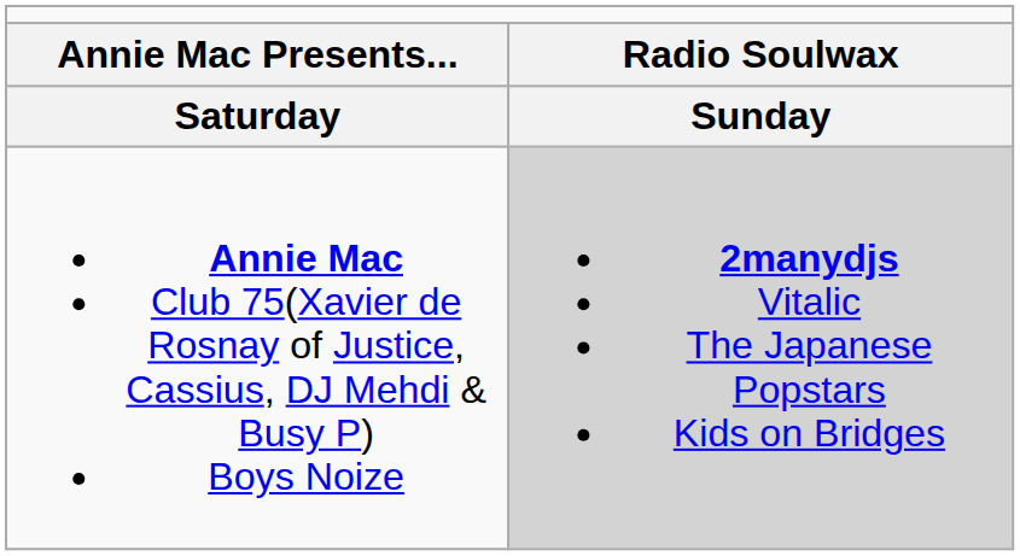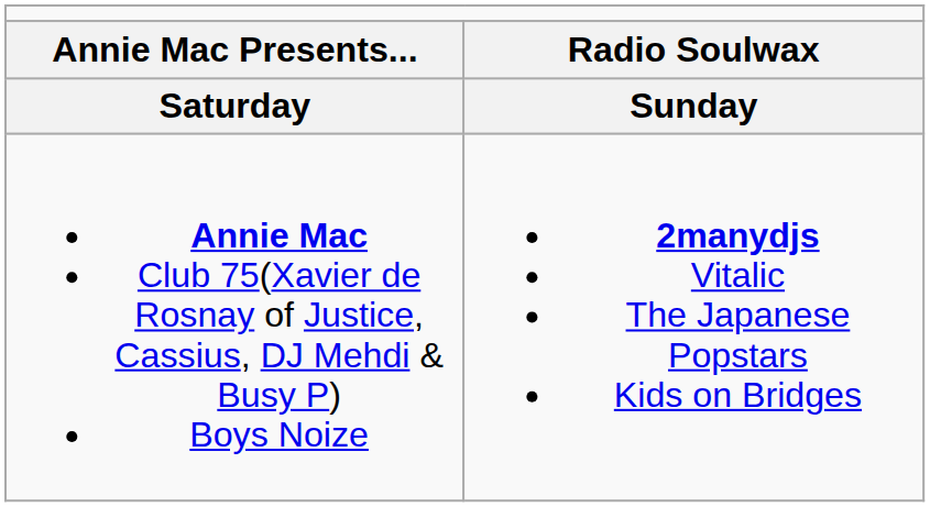 <table class="wikitable">
 <tr>
 <td colspan="2" align="center"></td>
 </tr>
 <tr>
 <th>Annie Mac Presents...</th>
 <th>Radio Soulwax</th>
 </tr>
 <tr>
 <th>Saturday</th>
 <th>Sunday</th>
 </tr>
 <tr>
 <td valign="top" align="center" width=200><br><ul><li><strong><a href='#'>Annie Mac</a></strong></li><li><a href='#'>Club 75</a>(<a href='#'>Xavier de Rosnay</a> of <a href='#'>Justice</a>, <a href='#'>Cassius</a>, <a href='#'>DJ Mehdi</a> & <a href='#'>Busy P</a>)</li><li><a href='#'>Boys Noize</a></li></ul></td>
-<td valign="top" align="center" width=200 style="background: lightgrey;"><br><ul><li><strong><a href='#'>2manydjs</a></strong></li><li><a href='#'>Vitalic</a></li><li><a href='#'>The Japanese Popstars</a></li><li><a href='#'>Kids on Bridges</a></li></ul></td>
+<td valign="top" align="center" width=200><br><ul><li><strong><a href='#'>2manydjs</a></strong></li><li><a href='#'>Vitalic</a></li><li><a href='#'>The Japanese Popstars</a></li><li><a href='#'>Kids on Bridges</a></li></ul></td>
 </tr>
 </table>
